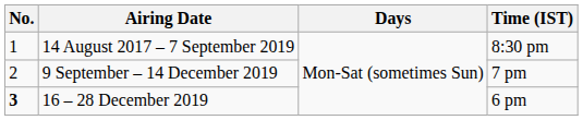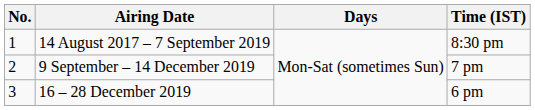 <table class="wikitable">
 <tr>
 <th>No.</th>
 <th>Airing Date</th>
 <th>Days</th>
 <th>Time (IST)</th>
 </tr>
 <tr>
 <td>1</td>
 <td>14 August 2017 – 7 September 2019</td>
 <td rowspan="3">Mon-Sat (sometimes Sun)</td>
 <td>8:30 pm</td>
 </tr>
 <tr>
 <td>2</td>
 <td>9 September – 14 December 2019</td>
 <td>7 pm</td>
 </tr>
 <tr>
-<td><strong>3</strong></td>
+<td>3</td>
 <td>16 – 28 December 2019</td>
 <td>6 pm</td>
 </tr>
 </table>
